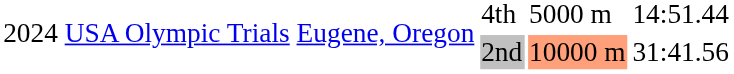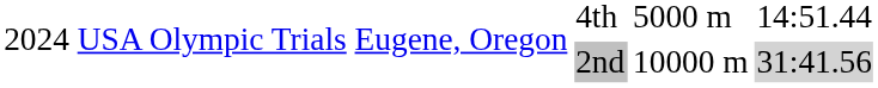 <table>
 <tr>
 <td rowspan=2>2024</td>
 <td rowspan=2><a href='#'>USA Olympic Trials</a></td>
 <td rowspan=2><a href='#'>Eugene, Oregon</a></td>
 <td>4th</td>
 <td>5000 m</td>
 <td>14:51.44</td>
 </tr>
 <tr>
 <td bgcolor=silver>2nd</td>
-<td style="background: lightsalmon;">10000 m</td>
-<td>31:41.56</td>
+<td>10000 m</td>
+<td style="background: lightgrey;">31:41.56</td>
 </tr>
 </table>
